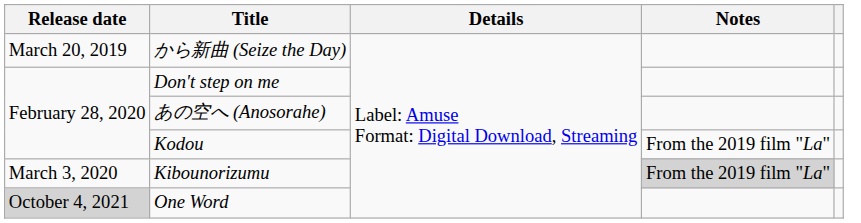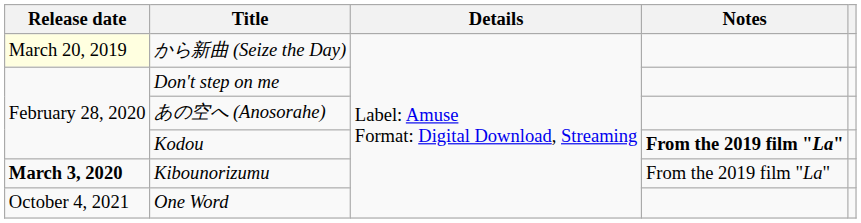 <table class="wikitable">
 <tr>
 <th>Release date</th>
 <th>Title</th>
 <th>Details</th>
 <th>Notes</th>
 <th></th>
 </tr>
 <tr>
-<td>March 20, 2019</td>
+<td style="background: lightyellow;">March 20, 2019</td>
 <td><em>から新曲 (Seize the Day)</em></td>
 <td rowspan="6">Label: <a href='#'>Amuse</a><br>Format: <a href='#'>Digital Download</a>, <a href='#'>Streaming</a></td>
 <td></td>
 <td></td>
 </tr>
 <tr>
 <td rowspan="3">February 28, 2020</td>
 <td><em>Don't step on me</em></td>
 <td></td>
 <td></td>
 </tr>
 <tr>
 <td><em>あの空へ (Anosorahe)</em></td>
 <td></td>
 <td></td>
 </tr>
 <tr>
 <td><em>Kodou</em></td>
+<td><strong>From the 2019 film "<em>La</em>"</strong></td>
+<td></td>
+</tr>
+<tr>
+<td><strong>March 3, 2020</strong></td>
+<td><em>Kibounorizumu</em></td>
 <td>From the 2019 film "<em>La</em>"</td>
 <td></td>
 </tr>
 <tr>
-<td>March 3, 2020</td>
-<td><em>Kibounorizumu</em></td>
-<td style="background: lightgrey;">From the 2019 film "<em>La</em>"</td>
-<td></td>
-</tr>
-<tr>
-<td style="background: lightgrey;">October 4, 2021</td>
+<td>October 4, 2021</td>
 <td><em>One Word</em></td>
 <td></td>
 <td></td>
 </tr>
 </table>
